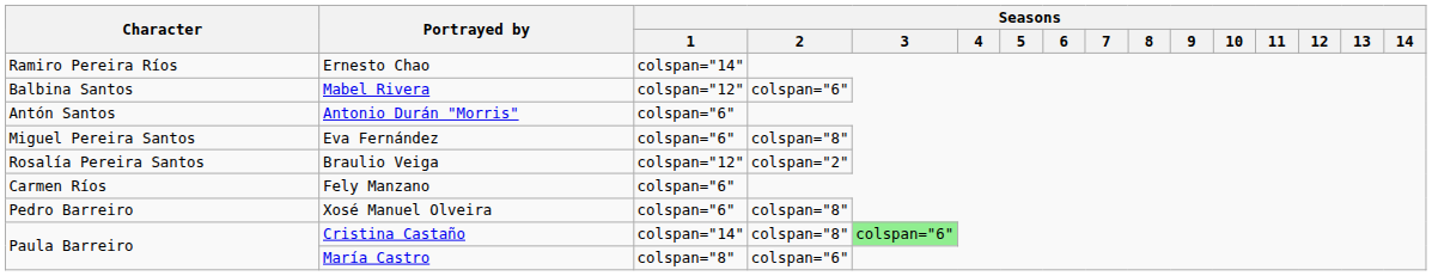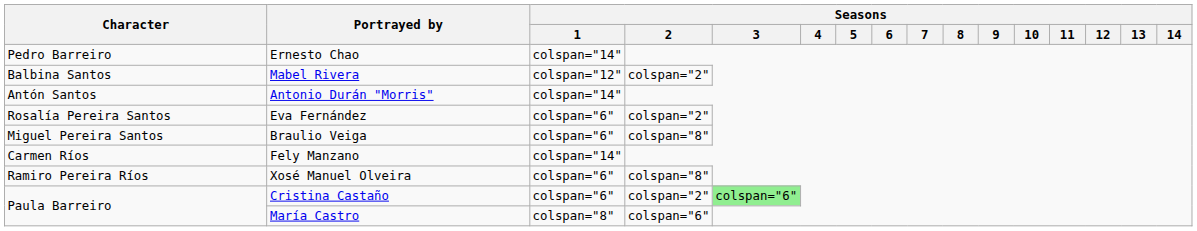 <table class="wikitable">
 <tr>
 <th rowspan="2">Character</th>
 <th rowspan="2">Portrayed by</th>
 <th colspan="22">Seasons</th>
 </tr>
 <tr>
 <th style="width:3%;">1</th>
 <th style="width:3%;">2</th>
 <th style="width:3%;">3</th>
 <th style="width:3%;">4</th>
 <th style="width:3%;">5</th>
 <th style="width:3%;">6</th>
 <th style="width:3%;">7</th>
 <th style="width:3%;">8</th>
 <th style="width:3%;">9</th>
 <th style="width:3%;">10</th>
 <th style="width:3%;">11</th>
 <th style="width:3%;">12</th>
 <th style="width:3%;">13</th>
 <th style="width:3%;">14</th>
 </tr>
 <tr>
-<td>Ramiro Pereira Ríos</td>
+<td>Pedro Barreiro</td>
 <td>Ernesto Chao</td>
 <td>colspan="14" </td>
 </tr>
 <tr>
 <td>Balbina Santos</td>
 <td><a href='#'>Mabel Rivera</a></td>
 <td>colspan="12" </td>
-<td>colspan="6" </td>
+<td>colspan="2" </td>
 </tr>
 <tr>
 <td>Antón Santos</td>
 <td><a href='#'>Antonio Durán "Morris"</a></td>
+<td>colspan="14" </td>
+</tr>
+<tr>
+<td>Rosalía Pereira Santos</td>
+<td>Eva Fernández</td>
 <td>colspan="6" </td>
+<td>colspan="2" </td>
 </tr>
 <tr>
 <td>Miguel Pereira Santos</td>
-<td>Eva Fernández</td>
+<td>Braulio Veiga</td>
 <td>colspan="6" </td>
 <td>colspan="8" </td>
 </tr>
 <tr>
-<td>Rosalía Pereira Santos</td>
-<td>Braulio Veiga</td>
-<td>colspan="12" </td>
-<td>colspan="2" </td>
+<td>Carmen Ríos</td>
+<td>Fely Manzano</td>
+<td>colspan="14" </td>
 </tr>
 <tr>
-<td>Carmen Ríos</td>
-<td>Fely Manzano</td>
-<td>colspan="6" </td>
-</tr>
-<tr>
-<td>Pedro Barreiro</td>
+<td>Ramiro Pereira Ríos</td>
 <td>Xosé Manuel Olveira</td>
 <td>colspan="6" </td>
 <td>colspan="8" </td>
 </tr>
 <tr>
 <td rowspan = "2">Paula Barreiro</td>
 <td><a href='#'>Cristina Castaño</a></td>
-<td>colspan="14" </td>
-<td>colspan="8" </td>
+<td>colspan="6" </td>
+<td>colspan="2" </td>
 <td style="background: lightgreen;">colspan="6" </td>
 </tr>
 <tr>
 <td><a href='#'>María Castro</a></td>
 <td>colspan="8" </td>
 <td>colspan="6" </td>
 </tr>
 </table>
